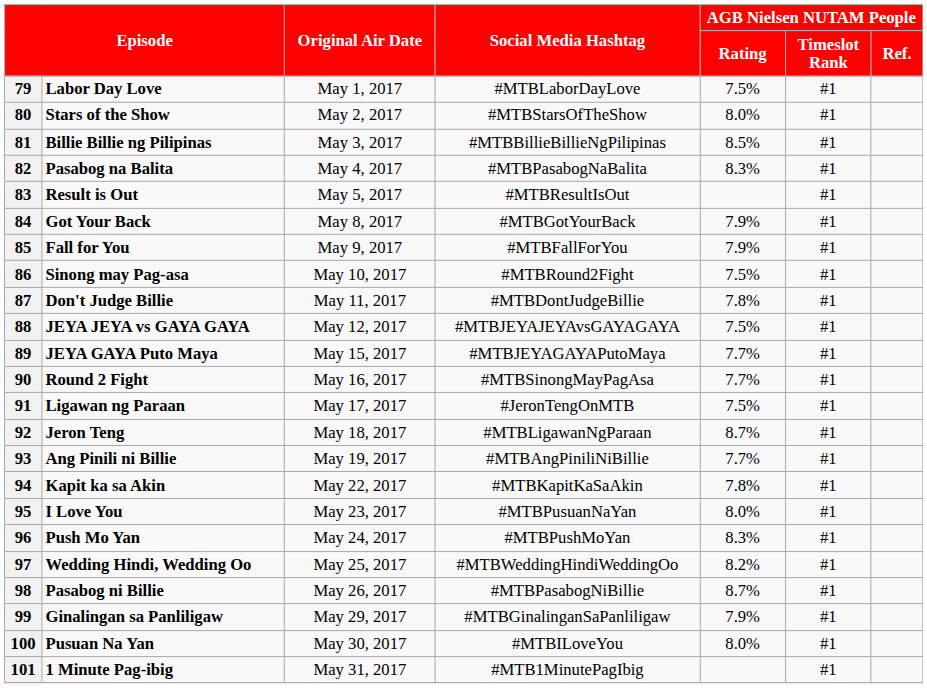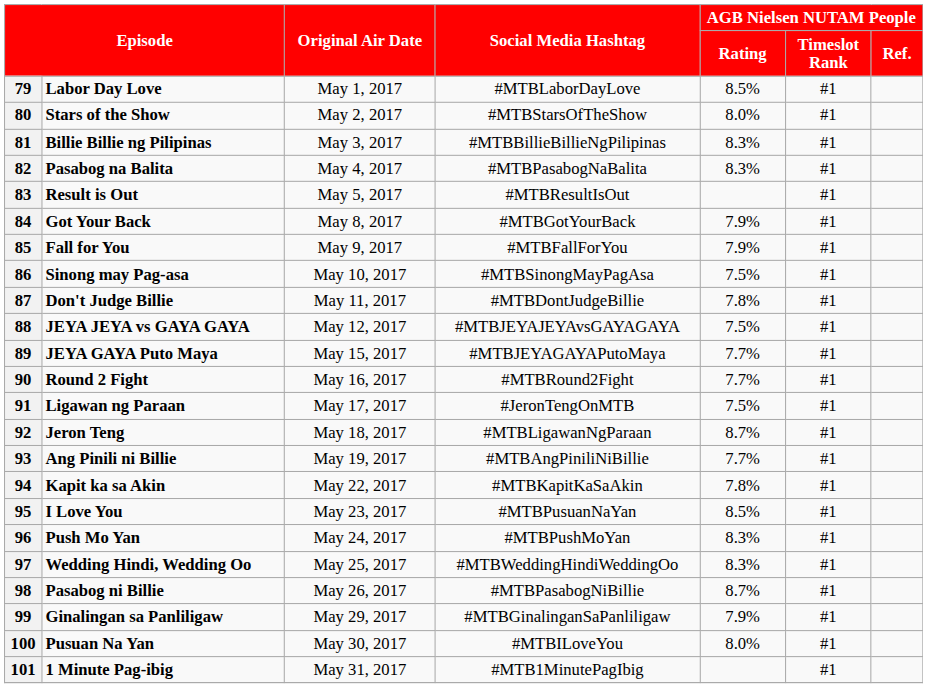 <table class="wikitable" style="text-align:center; font-size:100%; line-height:18px;"  width="100%">
 <tr>
 <th colspan="2" rowspan="2" style="background-color:#FF0000; color:#ffffff;">Episode</th>
 <th style="background:#FF0000; color:white" rowspan="2">Original Air Date</th>
 <th style="background:#FF0000; color:white" rowspan="2">Social Media Hashtag</th>
 <th style="background-color:#FF0000; color:#ffffff;" colspan="3">AGB Nielsen NUTAM People</th>
 </tr>
 <tr>
 <th style="background-color:#FF0000; width:75px; color:#ffffff;">Rating</th>
 <th style="background-color:#FF0000; width:75px; color:#ffffff;">Timeslot<br>Rank</th>
 <th style="background-color:#FF0000; color:#ffffff;">Ref.</th>
 </tr>
 <tr>
 <th>79</th>
 <td style="text-align: left;"><strong>Labor Day Love</strong></td>
 <td>May 1, 2017</td>
 <td>#MTBLaborDayLove</td>
-<td>7.5%</td>
+<td>8.5%</td>
 <td>#1</td>
 <td></td>
 </tr>
 <tr>
 <th>80</th>
 <td style="text-align: left;"><strong>Stars of the Show</strong></td>
 <td>May 2, 2017</td>
 <td>#MTBStarsOfTheShow</td>
 <td>8.0%</td>
 <td>#1</td>
 <td></td>
 </tr>
 <tr>
 <th>81</th>
 <td style="text-align: left;"><strong>Billie Billie ng Pilipinas</strong></td>
 <td>May 3, 2017</td>
 <td>#MTBBillieBillieNgPilipinas</td>
-<td>8.5%</td>
+<td>8.3%</td>
 <td>#1</td>
 <td></td>
 </tr>
 <tr>
 <th>82</th>
 <td style="text-align: left;"><strong>Pasabog na Balita</strong></td>
 <td>May 4, 2017</td>
 <td>#MTBPasabogNaBalita</td>
 <td>8.3%</td>
 <td>#1</td>
 <td></td>
 </tr>
 <tr>
 <th>83</th>
 <td style="text-align: left;"><strong>Result is Out</strong></td>
 <td>May 5, 2017</td>
 <td>#MTBResultIsOut</td>
 <td></td>
 <td>#1</td>
 <td></td>
 </tr>
 <tr>
 <th>84</th>
 <td style="text-align: left;"><strong>Got Your Back</strong></td>
 <td>May 8, 2017</td>
 <td>#MTBGotYourBack</td>
 <td>7.9%</td>
 <td>#1</td>
 <td></td>
 </tr>
 <tr>
 <th>85</th>
 <td style="text-align: left;"><strong>Fall for You</strong></td>
 <td>May 9, 2017</td>
 <td>#MTBFallForYou</td>
 <td>7.9%</td>
 <td>#1</td>
 <td></td>
 </tr>
 <tr>
 <th>86</th>
 <td style="text-align: left;"><strong>Sinong may Pag-asa</strong></td>
 <td>May 10, 2017</td>
-<td>#MTBRound2Fight</td>
+<td>#MTBSinongMayPagAsa</td>
 <td>7.5%</td>
 <td>#1</td>
 <td></td>
 </tr>
 <tr>
 <th>87</th>
 <td style="text-align: left;"><strong>Don't Judge Billie</strong></td>
 <td>May 11, 2017</td>
 <td>#MTBDontJudgeBillie</td>
 <td>7.8%</td>
 <td>#1</td>
 <td></td>
 </tr>
 <tr>
 <th>88</th>
 <td style="text-align: left;"><strong>JEYA JEYA vs GAYA GAYA</strong></td>
 <td>May 12, 2017</td>
 <td>#MTBJEYAJEYAvsGAYAGAYA</td>
 <td>7.5%</td>
 <td>#1</td>
 <td></td>
 </tr>
 <tr>
 <th>89</th>
 <td style="text-align: left;"><strong>JEYA GAYA Puto Maya</strong></td>
 <td>May 15, 2017</td>
 <td>#MTBJEYAGAYAPutoMaya</td>
 <td>7.7%</td>
 <td>#1</td>
 <td></td>
 </tr>
 <tr>
 <th>90</th>
 <td style="text-align: left;"><strong>Round 2 Fight</strong></td>
 <td>May 16, 2017</td>
-<td>#MTBSinongMayPagAsa</td>
+<td>#MTBRound2Fight</td>
 <td>7.7%</td>
 <td>#1</td>
 <td></td>
 </tr>
 <tr>
 <th>91</th>
 <td style="text-align: left;"><strong>Ligawan ng Paraan</strong></td>
 <td>May 17, 2017</td>
 <td>#JeronTengOnMTB</td>
 <td>7.5%</td>
 <td>#1</td>
 <td></td>
 </tr>
 <tr>
 <th>92</th>
 <td style="text-align: left;"><strong>Jeron Teng</strong></td>
 <td>May 18, 2017</td>
 <td>#MTBLigawanNgParaan</td>
 <td>8.7%</td>
 <td>#1</td>
 <td></td>
 </tr>
 <tr>
 <th>93</th>
 <td style="text-align: left;"><strong>Ang Pinili ni Billie</strong></td>
 <td>May 19, 2017</td>
 <td>#MTBAngPiniliNiBillie</td>
 <td>7.7%</td>
 <td>#1</td>
 <td></td>
 </tr>
 <tr>
 <th>94</th>
 <td style="text-align: left;"><strong>Kapit ka sa Akin</strong></td>
 <td>May 22, 2017</td>
 <td>#MTBKapitKaSaAkin</td>
 <td>7.8%</td>
 <td>#1</td>
 <td></td>
 </tr>
 <tr>
 <th>95</th>
 <td style="text-align: left;"><strong>I Love You</strong></td>
 <td>May 23, 2017</td>
 <td>#MTBPusuanNaYan</td>
-<td>8.0%</td>
+<td>8.5%</td>
 <td>#1</td>
 <td></td>
 </tr>
 <tr>
 <th>96</th>
 <td style="text-align: left;"><strong>Push Mo Yan</strong></td>
 <td>May 24, 2017</td>
 <td>#MTBPushMoYan</td>
 <td>8.3%</td>
 <td>#1</td>
 <td></td>
 </tr>
 <tr>
 <th>97</th>
 <td style="text-align: left;"><strong>Wedding Hindi, Wedding Oo</strong></td>
 <td>May 25, 2017</td>
 <td>#MTBWeddingHindiWeddingOo</td>
-<td>8.2%</td>
+<td>8.3%</td>
 <td>#1</td>
 <td></td>
 </tr>
 <tr>
 <th>98</th>
 <td style="text-align: left;"><strong>Pasabog ni Billie</strong></td>
 <td>May 26, 2017</td>
 <td>#MTBPasabogNiBillie</td>
 <td>8.7%</td>
 <td>#1</td>
 <td></td>
 </tr>
 <tr>
 <th>99</th>
 <td style="text-align: left;"><strong>Ginalingan sa Panliligaw</strong></td>
 <td>May 29, 2017</td>
 <td>#MTBGinalinganSaPanliligaw</td>
 <td>7.9%</td>
 <td>#1</td>
 <td></td>
 </tr>
 <tr>
 <th>100</th>
 <td style="text-align: left;"><strong>Pusuan Na Yan</strong></td>
 <td>May 30, 2017</td>
 <td>#MTBILoveYou</td>
 <td>8.0%</td>
 <td>#1</td>
 <td></td>
 </tr>
 <tr>
 <th>101</th>
 <td style="text-align: left;"><strong>1 Minute Pag-ibig</strong></td>
 <td>May 31, 2017</td>
 <td>#MTB1MinutePagIbig</td>
 <td></td>
 <td>#1</td>
 <td></td>
 </tr>
 <tr>
 </tr>
 </table>
